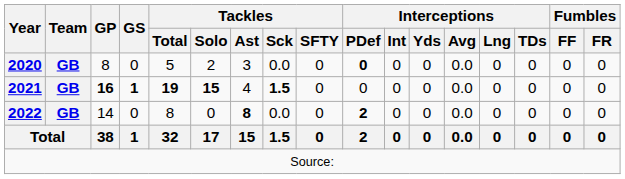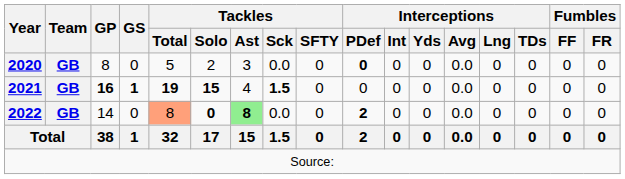 <table class="wikitable" style="text-align: center;">
 <tr>
 <th rowspan=2>Year</th>
 <th rowspan=2>Team</th>
 <th rowspan=2>GP</th>
 <th rowspan=2>GS</th>
 <th colspan=5>Tackles</th>
 <th colspan=6>Interceptions</th>
 <th colspan=2>Fumbles</th>
 </tr>
 <tr>
 <th>Total</th>
 <th>Solo</th>
 <th>Ast</th>
 <th>Sck</th>
 <th>SFTY</th>
 <th>PDef</th>
 <th>Int</th>
 <th>Yds</th>
 <th>Avg</th>
 <th>Lng</th>
 <th>TDs</th>
 <th>FF</th>
 <th>FR</th>
 </tr>
 <tr>
 <th><a href='#'>2020</a></th>
 <th><a href='#'>GB</a></th>
 <td>8</td>
 <td>0</td>
 <td>5</td>
 <td>2</td>
 <td>3</td>
 <td>0.0</td>
 <td>0</td>
 <td><strong>0</strong></td>
 <td>0</td>
 <td>0</td>
 <td>0.0</td>
 <td>0</td>
 <td>0</td>
 <td>0</td>
 <td>0</td>
 </tr>
 <tr>
 <th><a href='#'>2021</a></th>
 <th><a href='#'>GB</a></th>
 <td><strong>16</strong></td>
 <td><strong>1</strong></td>
 <td><strong>19</strong></td>
 <td><strong>15</strong></td>
 <td>4</td>
 <td><strong>1.5</strong></td>
 <td>0</td>
 <td>0</td>
 <td>0</td>
 <td>0</td>
 <td>0.0</td>
 <td>0</td>
 <td>0</td>
 <td>0</td>
 <td>0</td>
 </tr>
 <tr>
 <th><a href='#'>2022</a></th>
 <th><a href='#'>GB</a></th>
 <td>14</td>
 <td>0</td>
-<td>8</td>
-<td>0</td>
-<td><strong>8</strong></td>
+<td style="background: lightsalmon;">8</td>
+<td><strong>0</strong></td>
+<td style="background: lightgreen;"><strong>8</strong></td>
 <td>0.0</td>
 <td>0</td>
 <td><strong>2</strong></td>
 <td>0</td>
 <td>0</td>
 <td>0.0</td>
 <td>0</td>
 <td>0</td>
 <td>0</td>
 <td>0</td>
 </tr>
 <tr>
 <th colspan="2">Total</th>
 <th>38</th>
 <th>1</th>
 <th>32</th>
 <th>17</th>
 <th>15</th>
 <th>1.5</th>
 <th>0</th>
 <th>2</th>
 <th>0</th>
 <th>0</th>
 <th>0.0</th>
 <th>0</th>
 <th>0</th>
 <th>0</th>
 <th>0</th>
 </tr>
 <tr>
 <td colspan="17"><small>Source: </small></td>
 </tr>
 </table>
